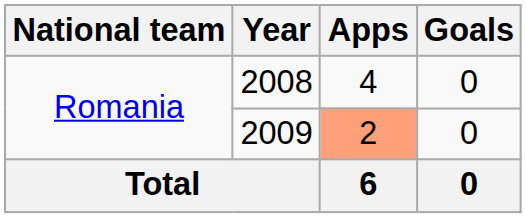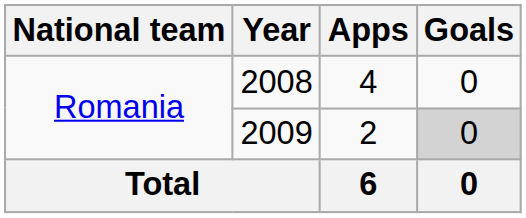 <table class="wikitable" style="text-align:center">
 <tr>
 <th>National team</th>
 <th>Year</th>
 <th>Apps</th>
 <th>Goals</th>
 </tr>
 <tr>
 <td rowspan="2"><a href='#'>Romania</a></td>
 <td>2008</td>
 <td>4</td>
 <td>0</td>
 </tr>
 <tr>
 <td>2009</td>
-<td style="background: lightsalmon;">2</td>
-<td>0</td>
+<td>2</td>
+<td style="background: lightgrey;">0</td>
 </tr>
 <tr>
 <th colspan="2">Total</th>
 <th>6</th>
 <th>0</th>
 </tr>
 </table>
